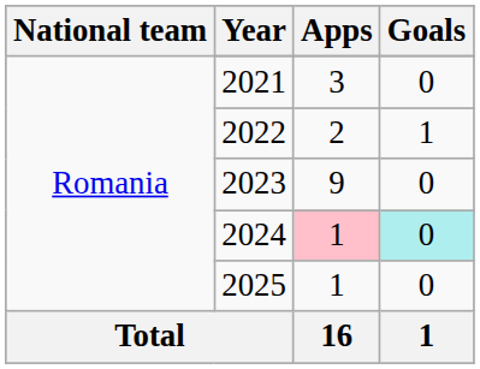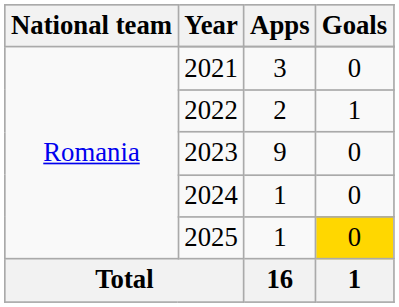 <table class="wikitable" style="text-align: center;">
 <tr>
 <th>National team</th>
 <th>Year</th>
 <th>Apps</th>
 <th>Goals</th>
 </tr>
 <tr>
 <td rowspan="6"><a href='#'>Romania</a></td>
 </tr>
 <tr>
 <td>2021</td>
 <td>3</td>
 <td>0</td>
 </tr>
 <tr>
 <td>2022</td>
 <td>2</td>
 <td>1</td>
 </tr>
 <tr>
 <td>2023</td>
 <td>9</td>
 <td>0</td>
 </tr>
 <tr>
 <td>2024</td>
-<td style="background: pink;">1</td>
-<td style="background: paleturquoise;">0</td>
+<td>1</td>
+<td>0</td>
 </tr>
 <tr>
 <td>2025</td>
 <td>1</td>
-<td>0</td>
+<td style="background: gold;">0</td>
 </tr>
 <tr>
 <th colspan=2>Total</th>
 <th>16</th>
 <th>1</th>
 </tr>
 </table>
